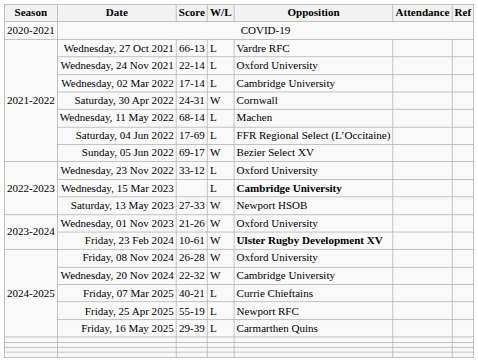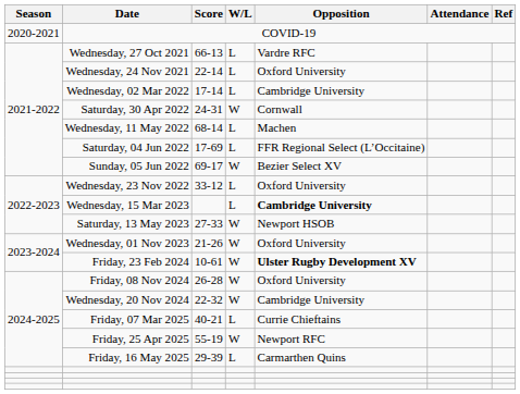 <table class="wikitable">
 <tr>
 <th>Season</th>
 <th>Date</th>
 <th>Score</th>
 <th>W/L</th>
 <th>Opposition</th>
 <th>Attendance</th>
 <th>Ref</th>
 </tr>
 <tr>
 <td>2020-2021</td>
 <td align=center colspan="7">COVID-19</td>
 </tr>
 <tr>
 <td rowspan=7>2021-2022</td>
 <td style="text-align:right;">Wednesday, 27 Oct 2021</td>
 <td style="text-align:center;">66-13</td>
 <td style="text-align:left;">L</td>
 <td>Vardre RFC</td>
 <td></td>
 </tr>
 <tr>
 <td style="text-align:right;">Wednesday, 24 Nov 2021</td>
 <td style="text-align:center;">22-14</td>
 <td style="text-align:left;">L</td>
 <td>Oxford University</td>
 <td></td>
 <td></td>
 </tr>
 <tr>
 <td style="text-align:right;">Wednesday, 02 Mar 2022</td>
 <td style="text-align:center;">17-14</td>
 <td style="text-align:left;">L</td>
 <td>Cambridge University</td>
 <td></td>
 <td></td>
 </tr>
 <tr>
 <td style="text-align:right;">Saturday, 30 Apr 2022</td>
 <td style="text-align:center;">24-31</td>
 <td style="text-align:left;">W</td>
 <td>Cornwall</td>
 <td></td>
 <td></td>
 </tr>
 <tr>
 <td style="text-align:right;">Wednesday, 11 May 2022</td>
 <td style="text-align:center;">68-14</td>
 <td style="text-align:left;">L</td>
 <td>Machen</td>
 <td></td>
 <td></td>
 </tr>
 <tr>
 <td style="text-align:right;">Saturday, 04 Jun 2022</td>
 <td style="text-align:center;">17-69</td>
 <td style="text-align:left;">L</td>
 <td>FFR Regional Select (L’Occitaine)</td>
 <td></td>
 <td></td>
 </tr>
 <tr>
 <td style="text-align:right;">Sunday, 05 Jun 2022</td>
 <td style="text-align:center;">69-17</td>
 <td style="text-align:left;">W</td>
 <td>Bezier Select XV</td>
 <td></td>
 <td></td>
 </tr>
 <tr>
 <td rowspan=3>2022-2023</td>
 <td style="text-align:right;">Wednesday, 23 Nov 2022</td>
 <td style="text-align:center;">33-12</td>
 <td style="text-align:left;">L</td>
 <td>Oxford University</td>
 <td></td>
 </tr>
 <tr>
 <td style="text-align:right;">Wednesday, 15 Mar 2023</td>
 <td style="text-align:center;"></td>
 <td style="text-align:left;">L</td>
 <td><strong>Cambridge University</strong></td>
 <td></td>
 <td></td>
 </tr>
 <tr>
 <td style="text-align:right;">Saturday, 13 May 2023</td>
 <td style="text-align:center;">27-33</td>
 <td style="text-align:left;">W</td>
 <td>Newport HSOB</td>
 <td></td>
 <td></td>
 </tr>
 <tr>
 <td rowspan=2>2023-2024</td>
 <td style="text-align:right;">Wednesday, 01 Nov 2023</td>
 <td style="text-align:center;">21-26</td>
 <td style="text-align:left;">W</td>
 <td>Oxford University</td>
 <td></td>
 </tr>
 <tr>
 <td style="text-align:right;">Friday, 23 Feb 2024</td>
 <td style="text-align:center;">10-61</td>
 <td style="text-align:left;">W</td>
 <td><strong>Ulster Rugby Development XV</strong></td>
 <td></td>
 <td></td>
 </tr>
 <tr>
 <td rowspan=5>2024-2025</td>
 <td style="text-align:right;">Friday, 08 Nov 2024</td>
 <td style="text-align:center;">26-28</td>
 <td style="text-align:left;">W</td>
 <td>Oxford University</td>
 <td></td>
 </tr>
 <tr>
 <td style="text-align:right;">Wednesday, 20 Nov 2024</td>
 <td style="text-align:center;">22-32</td>
 <td style="text-align:left;">W</td>
 <td>Cambridge University</td>
 <td></td>
 <td></td>
 </tr>
 <tr>
 <td style="text-align:right;">Friday, 07 Mar 2025</td>
 <td style="text-align:center;">40-21</td>
 <td style="text-align:left;">L</td>
 <td>Currie Chieftains</td>
 <td></td>
 <td></td>
 </tr>
 <tr>
 <td style="text-align:right;">Friday, 25 Apr 2025</td>
 <td style="text-align:center;">55-19</td>
-<td style="text-align:left;">L</td>
+<td style="text-align:left;">W</td>
 <td>Newport RFC</td>
 <td></td>
 <td></td>
 </tr>
 <tr>
 <td style="text-align:right;">Friday, 16 May 2025</td>
 <td style="text-align:center;">29-39</td>
 <td style="text-align:left;">L</td>
 <td>Carmarthen Quins</td>
 <td></td>
 <td></td>
 </tr>
 <tr>
 <td style="text-align:right;"></td>
 <td style="text-align:center;"></td>
 <td style="text-align:left;"></td>
 <td></td>
 <td></td>
 <td></td>
 </tr>
 <tr>
 <td style="text-align:right;"></td>
 <td style="text-align:center;"></td>
 <td style="text-align:left;"></td>
 <td></td>
 <td></td>
 <td></td>
 <td></td>
 </tr>
 <tr>
 <td style="text-align:right;"></td>
 <td style="text-align:center;"></td>
 <td style="text-align:left;"></td>
 <td></td>
 <td></td>
 <td></td>
 <td></td>
 </tr>
 <tr>
 <td style="text-align:right;"></td>
 <td style="text-align:center;"></td>
 <td style="text-align:left;"></td>
 <td></td>
 <td></td>
 <td></td>
 <td></td>
 </tr>
 </table>
